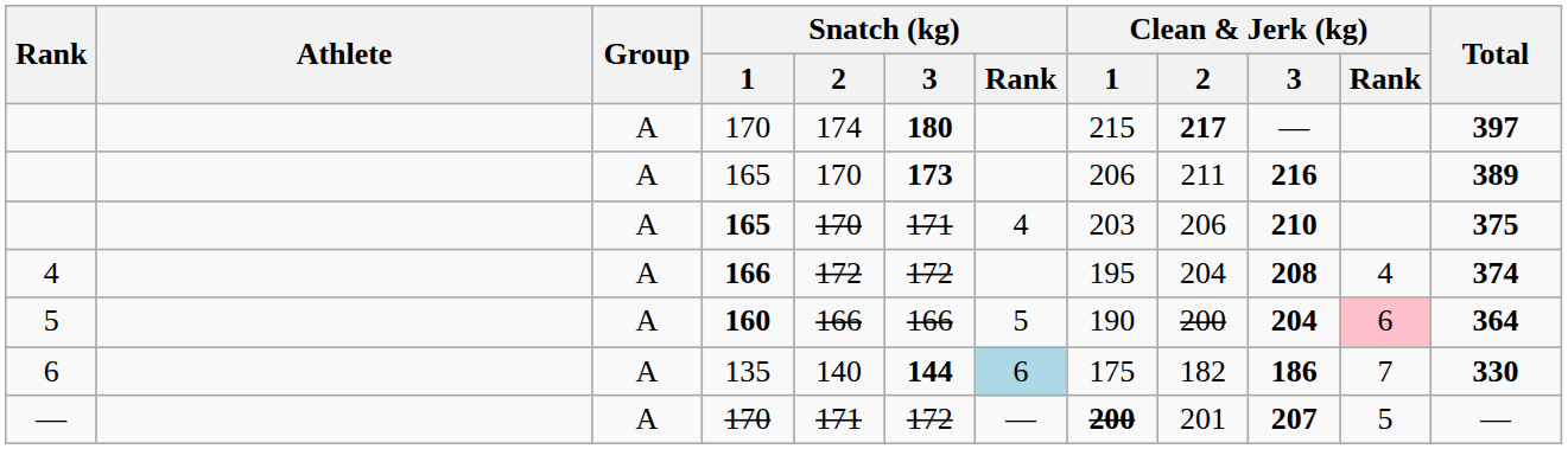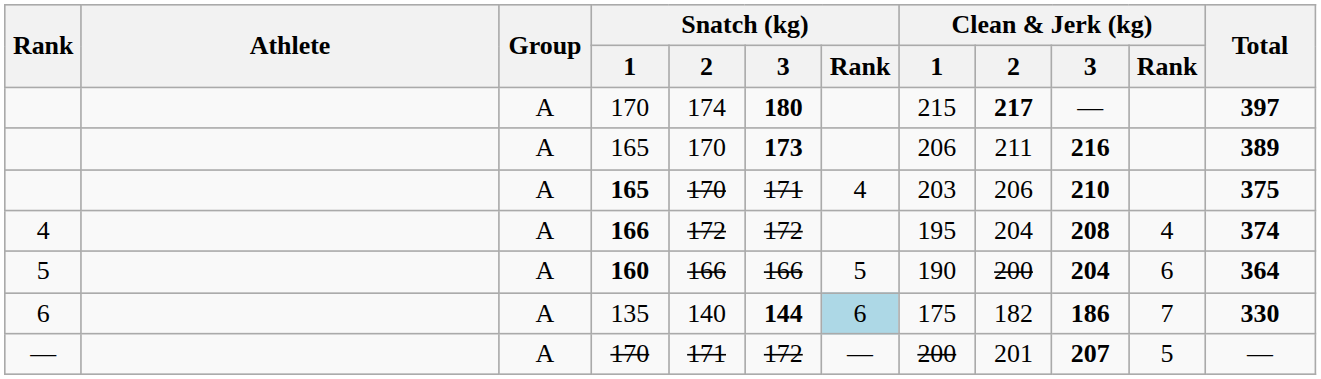 <table class = "wikitable" style="text-align:center;">
 <tr>
 <th rowspan=2 width=40>Rank</th>
 <th rowspan=2 width=250>Athlete</th>
 <th rowspan=2 width=50>Group</th>
 <th colspan=4>Snatch (kg)</th>
 <th colspan=4>Clean & Jerk (kg)</th>
 <th rowspan=2 width=60>Total</th>
 </tr>
 <tr>
 <th width=40>1</th>
 <th width=40>2</th>
 <th width=40>3</th>
 <th width=40>Rank</th>
 <th width=40>1</th>
 <th width=40>2</th>
 <th width=40>3</th>
 <th width=40>Rank</th>
 </tr>
 <tr>
 <td></td>
 <td align=left></td>
 <td>A</td>
 <td>170</td>
 <td>174</td>
 <td><strong>180</strong></td>
 <td></td>
 <td>215</td>
 <td><strong>217</strong></td>
 <td>—</td>
 <td></td>
 <td><strong>397</strong></td>
 </tr>
 <tr>
 <td></td>
 <td align=left></td>
 <td>A</td>
 <td>165</td>
 <td>170</td>
 <td><strong>173</strong></td>
 <td></td>
 <td>206</td>
 <td>211</td>
 <td><strong>216</strong></td>
 <td></td>
 <td><strong>389</strong></td>
 </tr>
 <tr>
 <td></td>
 <td align=left></td>
 <td>A</td>
 <td><strong>165</strong></td>
 <td><s>170</s></td>
 <td><s>171</s></td>
 <td>4</td>
 <td>203</td>
 <td>206</td>
 <td><strong>210</strong></td>
 <td></td>
 <td><strong>375</strong></td>
 </tr>
 <tr>
 <td>4</td>
 <td align=left></td>
 <td>A</td>
 <td><strong>166</strong></td>
 <td><s>172</s></td>
 <td><s>172</s></td>
 <td></td>
 <td>195</td>
 <td>204</td>
 <td><strong>208</strong></td>
 <td>4</td>
 <td><strong>374</strong></td>
 </tr>
 <tr>
 <td>5</td>
 <td align=left></td>
 <td>A</td>
 <td><strong>160</strong></td>
 <td><s>166</s></td>
 <td><s>166</s></td>
 <td>5</td>
 <td>190</td>
 <td><s>200</s></td>
 <td><strong>204</strong></td>
-<td style="background: pink;">6</td>
+<td>6</td>
 <td><strong>364</strong></td>
 </tr>
 <tr>
 <td>6</td>
 <td align=left></td>
 <td>A</td>
 <td>135</td>
 <td>140</td>
 <td><strong>144</strong></td>
 <td style="background: lightblue;">6</td>
 <td>175</td>
 <td>182</td>
 <td><strong>186</strong></td>
 <td>7</td>
 <td><strong>330</strong></td>
 </tr>
 <tr>
 <td>—</td>
 <td align=left></td>
 <td>A</td>
 <td><s>170</s></td>
 <td><s>171</s></td>
 <td><s>172</s></td>
 <td>—</td>
-<td><strong><s>200</s></strong></td>
+<td><s>200</s></td>
 <td>201</td>
 <td><strong>207</strong></td>
 <td>5</td>
 <td>—</td>
 </tr>
 </table>
